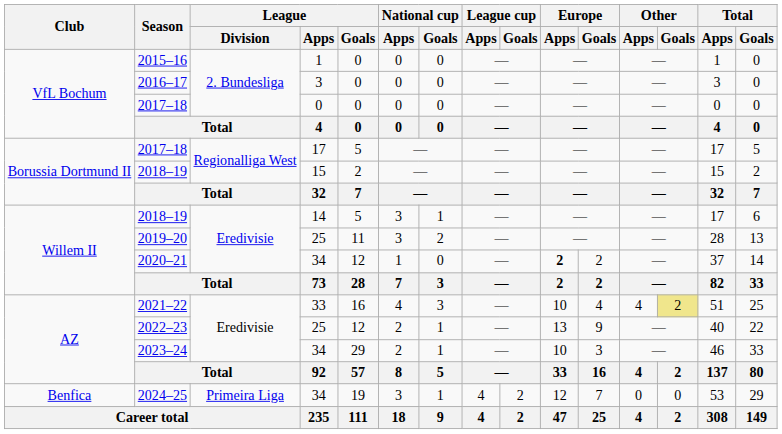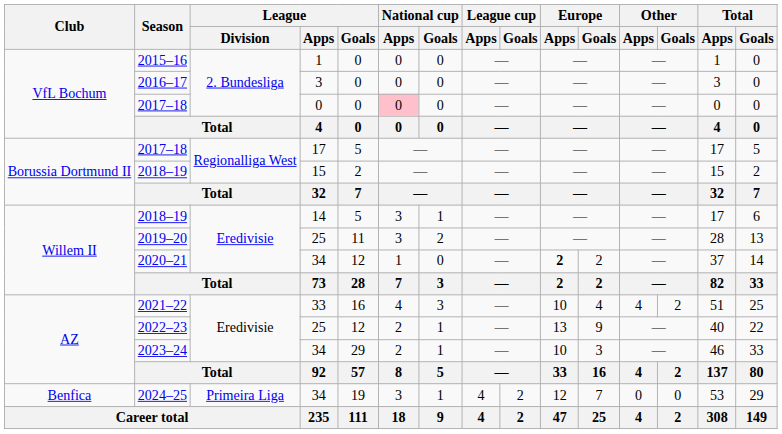 <table class="wikitable" style="text-align:center">
 <tr>
 <th rowspan="2">Club</th>
 <th rowspan="2">Season</th>
 <th colspan="3">League</th>
 <th colspan="2">National cup</th>
 <th colspan="2">League cup</th>
 <th colspan="2">Europe</th>
 <th colspan="2">Other</th>
 <th colspan="2">Total</th>
 </tr>
 <tr>
 <th>Division</th>
 <th>Apps</th>
 <th>Goals</th>
 <th>Apps</th>
 <th>Goals</th>
 <th>Apps</th>
 <th>Goals</th>
 <th>Apps</th>
 <th>Goals</th>
 <th>Apps</th>
 <th>Goals</th>
 <th>Apps</th>
 <th>Goals</th>
 </tr>
 <tr>
 <td rowspan="4"><a href='#'>VfL Bochum</a></td>
 <td><a href='#'>2015–16</a></td>
 <td rowspan="3"><a href='#'>2. Bundesliga</a></td>
 <td>1</td>
 <td>0</td>
 <td>0</td>
 <td>0</td>
 <td colspan="2">—</td>
 <td colspan="2">—</td>
 <td colspan="2">—</td>
 <td>1</td>
 <td>0</td>
 </tr>
 <tr>
 <td><a href='#'>2016–17</a></td>
 <td>3</td>
 <td>0</td>
 <td>0</td>
 <td>0</td>
 <td colspan="2">—</td>
 <td colspan="2">—</td>
 <td colspan="2">—</td>
 <td>3</td>
 <td>0</td>
 </tr>
 <tr>
 <td><a href='#'>2017–18</a></td>
 <td>0</td>
 <td>0</td>
-<td>0</td>
+<td style="background: pink;">0</td>
 <td>0</td>
 <td colspan="2">—</td>
 <td colspan="2">—</td>
 <td colspan="2">—</td>
 <td>0</td>
 <td>0</td>
 </tr>
 <tr>
 <th colspan="2">Total</th>
 <th>4</th>
 <th>0</th>
 <th>0</th>
 <th>0</th>
 <th colspan="2">—</th>
 <th colspan="2">—</th>
 <th colspan="2">—</th>
 <th>4</th>
 <th>0</th>
 </tr>
 <tr>
 <td rowspan="3"><a href='#'>Borussia Dortmund II</a></td>
 <td><a href='#'>2017–18</a></td>
 <td rowspan="2"><a href='#'>Regionalliga West</a></td>
 <td>17</td>
 <td>5</td>
 <td colspan="2">—</td>
 <td colspan="2">—</td>
 <td colspan="2">—</td>
 <td colspan="2">—</td>
 <td>17</td>
 <td>5</td>
 </tr>
 <tr>
 <td><a href='#'>2018–19</a></td>
 <td>15</td>
 <td>2</td>
 <td colspan="2">—</td>
 <td colspan="2">—</td>
 <td colspan="2">—</td>
 <td colspan="2">—</td>
 <td>15</td>
 <td>2</td>
 </tr>
 <tr>
 <th colspan="2">Total</th>
 <th>32</th>
 <th>7</th>
 <th colspan="2">—</th>
 <th colspan="2">—</th>
 <th colspan="2">—</th>
 <th colspan="2">—</th>
 <th>32</th>
 <th>7</th>
 </tr>
 <tr>
 <td rowspan="4"><a href='#'>Willem II</a></td>
 <td><a href='#'>2018–19</a></td>
 <td rowspan="3"><a href='#'>Eredivisie</a></td>
 <td>14</td>
 <td>5</td>
 <td>3</td>
 <td>1</td>
 <td colspan="2">—</td>
 <td colspan="2">—</td>
 <td colspan="2">—</td>
 <td>17</td>
 <td>6</td>
 </tr>
 <tr>
 <td><a href='#'>2019–20</a></td>
 <td>25</td>
 <td>11</td>
 <td>3</td>
 <td>2</td>
 <td colspan="2">—</td>
 <td colspan="2">—</td>
 <td colspan="2">—</td>
 <td>28</td>
 <td>13</td>
 </tr>
 <tr>
 <td><a href='#'>2020–21</a></td>
 <td>34</td>
 <td>12</td>
 <td>1</td>
 <td>0</td>
 <td colspan="2">—</td>
 <td><strong>2</strong></td>
 <td>2</td>
 <td colspan="2">—</td>
 <td>37</td>
 <td>14</td>
 </tr>
 <tr>
 <th colspan="2">Total</th>
 <th>73</th>
 <th>28</th>
 <th>7</th>
 <th>3</th>
 <th colspan="2">—</th>
 <th>2</th>
 <th>2</th>
 <th colspan="2">—</th>
 <th>82</th>
 <th>33</th>
 </tr>
 <tr>
 <td rowspan="4"><a href='#'>AZ</a></td>
 <td><a href='#'>2021–22</a></td>
 <td rowspan="3">Eredivisie</td>
 <td>33</td>
 <td>16</td>
 <td>4</td>
 <td>3</td>
 <td colspan="2">—</td>
 <td>10</td>
 <td>4</td>
 <td>4</td>
-<td style="background: khaki;">2</td>
+<td>2</td>
 <td>51</td>
 <td>25</td>
 </tr>
 <tr>
 <td><a href='#'>2022–23</a></td>
 <td>25</td>
 <td>12</td>
 <td>2</td>
 <td>1</td>
 <td colspan="2">—</td>
 <td>13</td>
 <td>9</td>
 <td colspan="2">—</td>
 <td>40</td>
 <td>22</td>
 </tr>
 <tr>
 <td><a href='#'>2023–24</a></td>
 <td>34</td>
 <td>29</td>
 <td>2</td>
 <td>1</td>
 <td colspan="2">—</td>
 <td>10</td>
 <td>3</td>
 <td colspan="2">—</td>
 <td>46</td>
 <td>33</td>
 </tr>
 <tr>
 <th colspan="2">Total</th>
 <th>92</th>
 <th>57</th>
 <th>8</th>
 <th>5</th>
 <th colspan="2">—</th>
 <th>33</th>
 <th>16</th>
 <th>4</th>
 <th>2</th>
 <th>137</th>
 <th>80</th>
 </tr>
 <tr>
 <td><a href='#'>Benfica</a></td>
 <td><a href='#'>2024–25</a></td>
 <td><a href='#'>Primeira Liga</a></td>
 <td>34</td>
 <td>19</td>
 <td>3</td>
 <td>1</td>
 <td>4</td>
 <td>2</td>
 <td>12</td>
 <td>7</td>
 <td>0</td>
 <td>0</td>
 <td>53</td>
 <td>29</td>
 </tr>
 <tr>
 <th colspan="3">Career total</th>
 <th>235</th>
 <th>111</th>
 <th>18</th>
 <th>9</th>
 <th>4</th>
 <th>2</th>
 <th>47</th>
 <th>25</th>
 <th>4</th>
 <th>2</th>
 <th>308</th>
 <th>149</th>
 </tr>
 </table>
